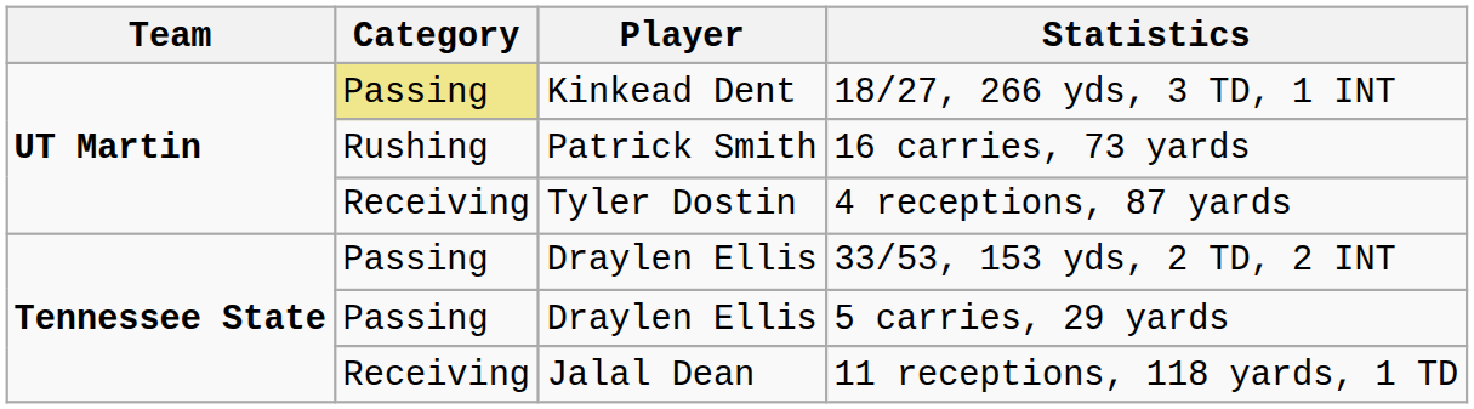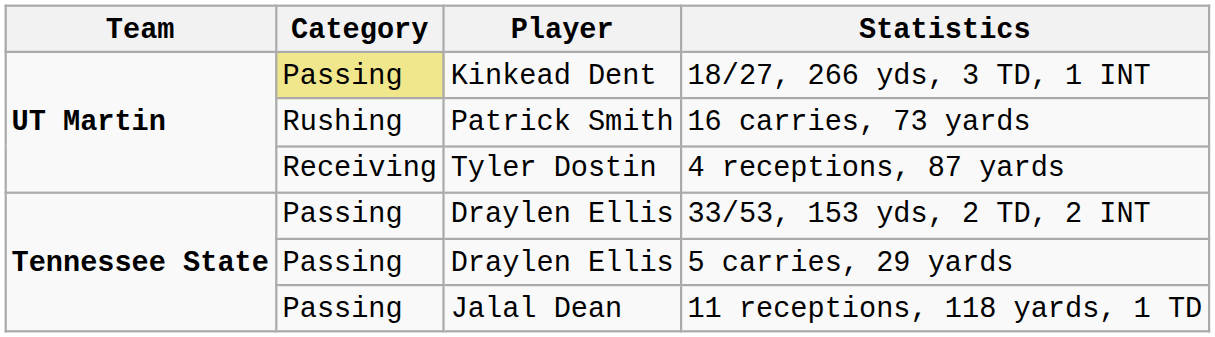 <table class="wikitable" style="float: right;">
 <tr>
 <th>Team</th>
 <th>Category</th>
 <th>Player</th>
 <th>Statistics</th>
 </tr>
 <tr>
 <td rowspan=3><strong>UT Martin</strong></td>
 <td style="background: khaki;">Passing</td>
 <td>Kinkead Dent</td>
 <td>18/27, 266 yds, 3 TD, 1 INT</td>
 </tr>
 <tr>
 <td>Rushing</td>
 <td>Patrick Smith</td>
 <td>16 carries, 73 yards</td>
 </tr>
 <tr>
 <td>Receiving</td>
 <td>Tyler Dostin</td>
 <td>4 receptions, 87 yards</td>
 </tr>
 <tr>
 <td rowspan=3><strong>Tennessee State</strong></td>
 <td>Passing</td>
 <td>Draylen Ellis</td>
 <td>33/53, 153 yds, 2 TD, 2 INT</td>
 </tr>
 <tr>
 <td>Passing</td>
 <td>Draylen Ellis</td>
 <td>5 carries, 29 yards</td>
 </tr>
 <tr>
-<td>Receiving</td>
+<td>Passing</td>
 <td>Jalal Dean</td>
 <td>11 receptions, 118 yards, 1 TD</td>
 </tr>
 </table>
